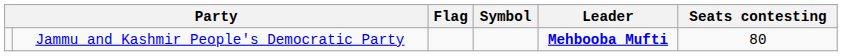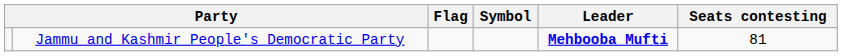 <table class="wikitable" width="60%" style="text-align:center;">
 <tr>
 <th colspan="2">Party</th>
 <th>Flag</th>
 <th>Symbol</th>
 <th>Leader</th>
 <th>Seats contesting</th>
 </tr>
 <tr>
 <td></td>
 <td><a href='#'>Jammu and Kashmir People's Democratic Party</a></td>
 <td></td>
 <td></td>
 <td><strong><a href='#'>Mehbooba Mufti</a></strong></td>
-<td>80</td>
+<td>81</td>
 </tr>
 </table>
